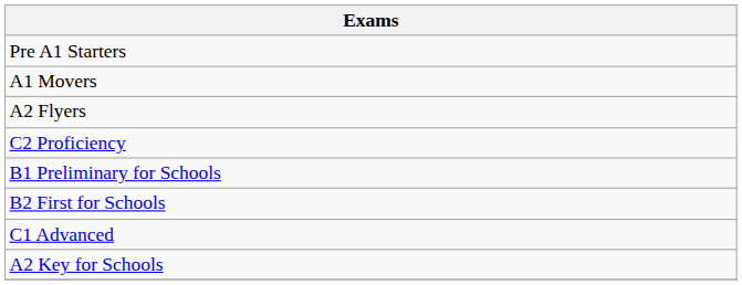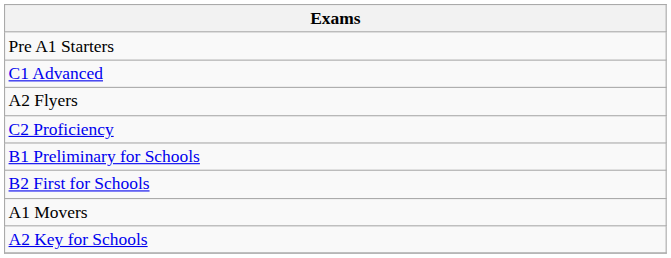 <table class="wikitable">
 <tr>
 <th width="600">Exams</th>
 </tr>
 <tr>
 <td>Pre A1 Starters</td>
 </tr>
 <tr>
-<td>A1 Movers</td>
+<td><a href='#'>C1 Advanced</a></td>
 </tr>
 <tr>
 <td>A2 Flyers</td>
 </tr>
 <tr>
 <td><a href='#'>C2 Proficiency</a></td>
 </tr>
 <tr>
 <td><a href='#'>B1 Preliminary for Schools</a></td>
 </tr>
 <tr>
 <td><a href='#'>B2 First for Schools</a></td>
 </tr>
 <tr>
-<td><a href='#'>C1 Advanced</a></td>
+<td>A1 Movers</td>
 </tr>
 <tr>
 <td><a href='#'>A2 Key for Schools</a></td>
 </tr>
 <tr>
 </tr>
 </table>
